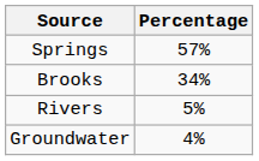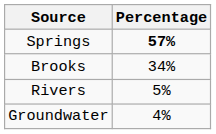 <table class="wikitable" style="text-align:center;">
 <tr>
 <th>Source</th>
 <th>Percentage</th>
 </tr>
 <tr>
 <td>Springs</td>
-<td>57%</td>
+<td><strong>57%</strong></td>
 </tr>
 <tr>
 <td>Brooks</td>
 <td>34%</td>
 </tr>
 <tr>
 <td>Rivers</td>
 <td>5%</td>
 </tr>
 <tr>
 <td>Groundwater</td>
 <td>4%</td>
 </tr>
 </table>
